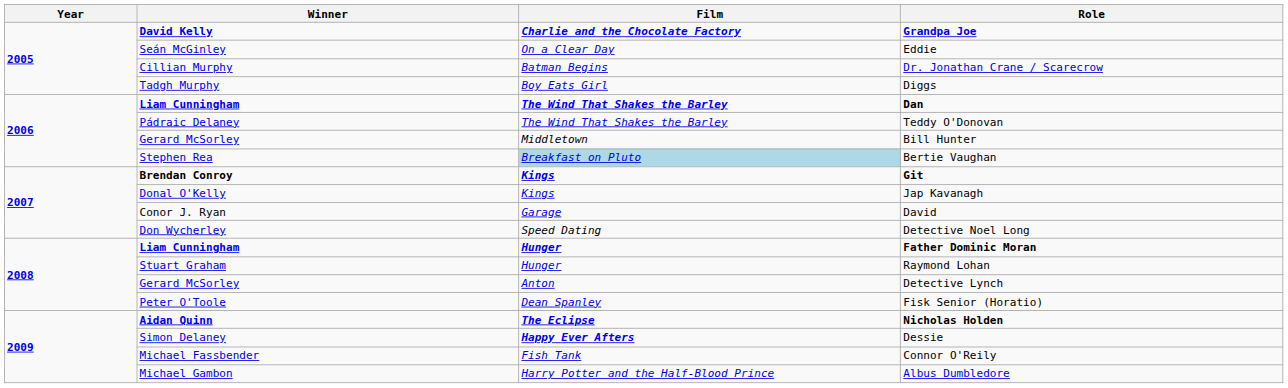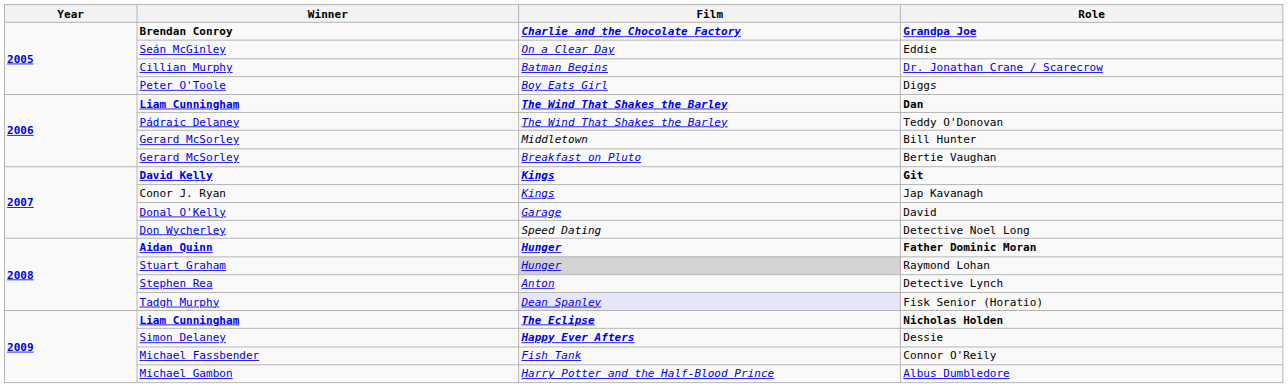 <table class="wikitable" width="95%" cellpadding="5">
 <tr>
 <th width="100"><strong>Year</strong></th>
 <th width="300"><strong>Winner</strong></th>
 <th width="300"><strong>Film</strong></th>
 <th width="300"><strong>Role</strong></th>
 </tr>
 <tr>
 <td rowspan="4"><strong><a href='#'>2005</a></strong></td>
-<td><strong><a href='#'>David Kelly</a></strong></td>
+<td><strong>Brendan Conroy</strong></td>
 <td><em><a href='#'><strong>Charlie and the Chocolate Factory</strong></a></em></td>
 <td><strong><a href='#'>Grandpa Joe</a></strong></td>
 </tr>
 <tr>
 <td><a href='#'>Seán McGinley</a></td>
 <td><a href='#'><em>On a Clear Day</em></a></td>
 <td>Eddie</td>
 </tr>
 <tr>
 <td><a href='#'>Cillian Murphy</a></td>
 <td><em><a href='#'>Batman Begins</a></em></td>
 <td><a href='#'>Dr. Jonathan Crane / Scarecrow</a></td>
 </tr>
 <tr>
-<td><a href='#'>Tadgh Murphy</a></td>
+<td><a href='#'>Peter O'Toole</a></td>
 <td><em><a href='#'>Boy Eats Girl</a></em></td>
 <td>Diggs</td>
 </tr>
 <tr>
 <td rowspan="4"><strong><a href='#'>2006</a></strong></td>
 <td><strong><a href='#'>Liam Cunningham</a></strong></td>
 <td><em><a href='#'><strong>The Wind That Shakes the Barley</strong></a></em></td>
 <td><strong>Dan</strong></td>
 </tr>
 <tr>
 <td><a href='#'>Pádraic Delaney</a></td>
 <td><em><a href='#'>The Wind That Shakes the Barley</a></em></td>
 <td>Teddy O'Donovan</td>
 </tr>
 <tr>
 <td><a href='#'>Gerard McSorley</a></td>
 <td><em>Middletown</em></td>
 <td>Bill Hunter</td>
 </tr>
 <tr>
-<td><a href='#'>Stephen Rea</a></td>
-<td style="background: lightblue;"><a href='#'><em>Breakfast on Pluto</em></a></td>
+<td><a href='#'>Gerard McSorley</a></td>
+<td><a href='#'><em>Breakfast on Pluto</em></a></td>
 <td>Bertie Vaughan</td>
 </tr>
 <tr>
 <td rowspan="4"><strong><a href='#'>2007</a></strong></td>
-<td><strong>Brendan Conroy</strong></td>
+<td><strong><a href='#'>David Kelly</a></strong></td>
 <td><em><a href='#'><strong>Kings</strong></a></em></td>
 <td><strong>Git</strong></td>
 </tr>
 <tr>
-<td><a href='#'>Donal O'Kelly</a></td>
+<td>Conor J. Ryan</td>
 <td><em><a href='#'>Kings</a></em></td>
 <td>Jap Kavanagh</td>
 </tr>
 <tr>
-<td>Conor J. Ryan</td>
+<td><a href='#'>Donal O'Kelly</a></td>
 <td><em><a href='#'>Garage</a></em></td>
 <td>David</td>
 </tr>
 <tr>
 <td><a href='#'>Don Wycherley</a></td>
 <td><em>Speed Dating</em></td>
 <td>Detective Noel Long</td>
 </tr>
 <tr>
 <td rowspan="4"><strong><a href='#'>2008</a></strong></td>
-<td><strong><a href='#'>Liam Cunningham</a></strong></td>
+<td><strong><a href='#'>Aidan Quinn</a></strong></td>
 <td><em><a href='#'><strong>Hunger</strong></a></em></td>
 <td><strong>Father Dominic Moran</strong></td>
 </tr>
 <tr>
 <td><a href='#'>Stuart Graham</a></td>
-<td><em><a href='#'>Hunger</a></em></td>
+<td style="background: lightgrey;"><em><a href='#'>Hunger</a></em></td>
 <td>Raymond Lohan</td>
 </tr>
 <tr>
-<td><a href='#'>Gerard McSorley</a></td>
+<td><a href='#'>Stephen Rea</a></td>
 <td><a href='#'><em>Anton</em></a></td>
 <td>Detective Lynch</td>
 </tr>
 <tr>
-<td><a href='#'>Peter O'Toole</a></td>
-<td><em><a href='#'>Dean Spanley</a></em></td>
+<td><a href='#'>Tadgh Murphy</a></td>
+<td style="background: lavender;"><em><a href='#'>Dean Spanley</a></em></td>
 <td>Fisk Senior (Horatio)</td>
 </tr>
 <tr>
 <td rowspan="4"><a href='#'><strong>2009</strong></a></td>
-<td><strong><a href='#'>Aidan Quinn</a></strong></td>
+<td><strong><a href='#'>Liam Cunningham</a></strong></td>
 <td><em><a href='#'><strong>The Eclipse</strong></a></em></td>
 <td><strong>Nicholas Holden</strong></td>
 </tr>
 <tr>
 <td><a href='#'>Simon Delaney</a></td>
 <td><strong><em><a href='#'>Happy Ever Afters</a></em></strong></td>
 <td>Dessie</td>
 </tr>
 <tr>
 <td><a href='#'>Michael Fassbender</a></td>
 <td><a href='#'><em>Fish Tank</em></a></td>
 <td>Connor O'Reily</td>
 </tr>
 <tr>
 <td><a href='#'>Michael Gambon</a></td>
 <td><a href='#'><em>Harry Potter and the Half-Blood Prince</em></a></td>
 <td><a href='#'>Albus Dumbledore</a></td>
 </tr>
 </table>
